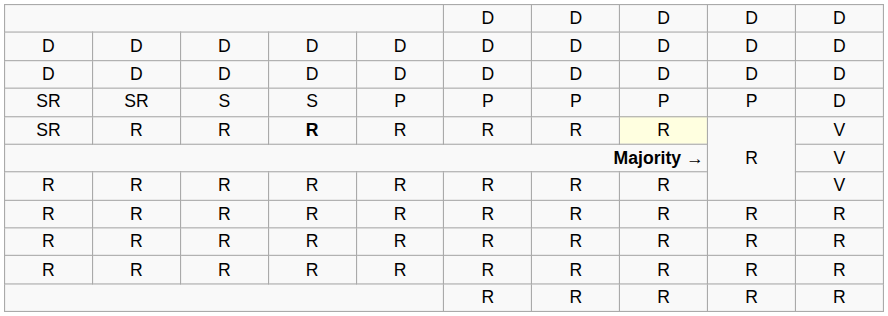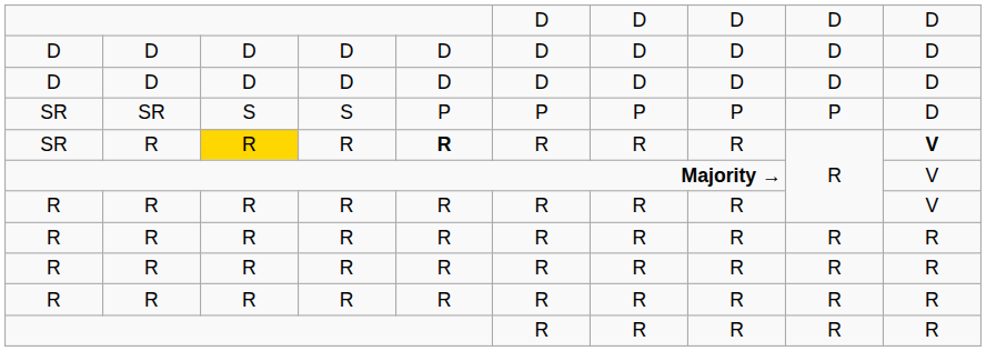 <table class="wikitable"  style="text-align:center; width:800px">
 <tr>
 <td colspan=5></td>
 <td>D</td>
 <td>D</td>
 <td>D</td>
 <td>D</td>
 <td>D</td>
 </tr>
 <tr>
 <td width=50px >D</td>
 <td width=50px >D</td>
 <td width=50px >D</td>
 <td width=50px >D</td>
 <td width=50px >D</td>
 <td width=50px >D</td>
 <td width=50px >D</td>
 <td width=50px >D</td>
 <td width=50px >D</td>
 <td width=50px >D</td>
 </tr>
 <tr>
 <td>D<br></td>
 <td>D<br></td>
 <td>D<br></td>
 <td>D<br></td>
 <td>D<br></td>
 <td>D<br></td>
 <td>D<br></td>
 <td>D<br></td>
 <td>D<br></td>
 <td>D<br></td>
 </tr>
 <tr>
 <td>SR</td>
 <td>SR</td>
 <td>S</td>
 <td>S</td>
 <td>P</td>
 <td>P</td>
 <td>P</td>
 <td>P</td>
 <td>P<br></td>
 <td>D<br></td>
 </tr>
 <tr>
 <td>SR<br></td>
 <td>R<br></td>
+<td style="background: gold;">R<br></td>
 <td>R<br></td>
 <td><strong>R<br></strong></td>
 <td>R<br></td>
 <td>R<br></td>
 <td>R<br></td>
-<td style="background: lightyellow;">R<br></td>
 <td rowspan=3 >R<br></td>
-<td>V</td>
+<td><strong>V</strong></td>
 </tr>
 <tr style="height:1em">
 <td colspan=8 style="text-align:right"><strong>Majority →</strong></td>
 <td>V</td>
 </tr>
 <tr style="height:1em">
 <td>R<br></td>
 <td>R<br></td>
 <td>R<br></td>
 <td>R<br></td>
 <td>R<br></td>
 <td>R<br></td>
 <td>R<br></td>
 <td>R<br></td>
 <td>V</td>
 </tr>
 <tr>
 <td>R<br></td>
 <td>R</td>
 <td>R</td>
 <td>R</td>
 <td>R</td>
 <td>R</td>
 <td>R</td>
 <td>R</td>
 <td>R</td>
 <td>R</td>
 </tr>
 <tr>
 <td>R</td>
 <td>R</td>
 <td>R</td>
 <td>R</td>
 <td>R</td>
 <td>R</td>
 <td>R</td>
 <td>R</td>
 <td>R</td>
 <td>R</td>
 </tr>
 <tr>
 <td>R</td>
 <td>R</td>
 <td>R</td>
 <td>R</td>
 <td>R</td>
 <td>R</td>
 <td>R</td>
 <td>R</td>
 <td>R</td>
 <td>R</td>
 </tr>
 <tr>
 <td colspan=5></td>
 <td>R</td>
 <td>R</td>
 <td>R</td>
 <td>R</td>
 <td>R</td>
 </tr>
 </table>
